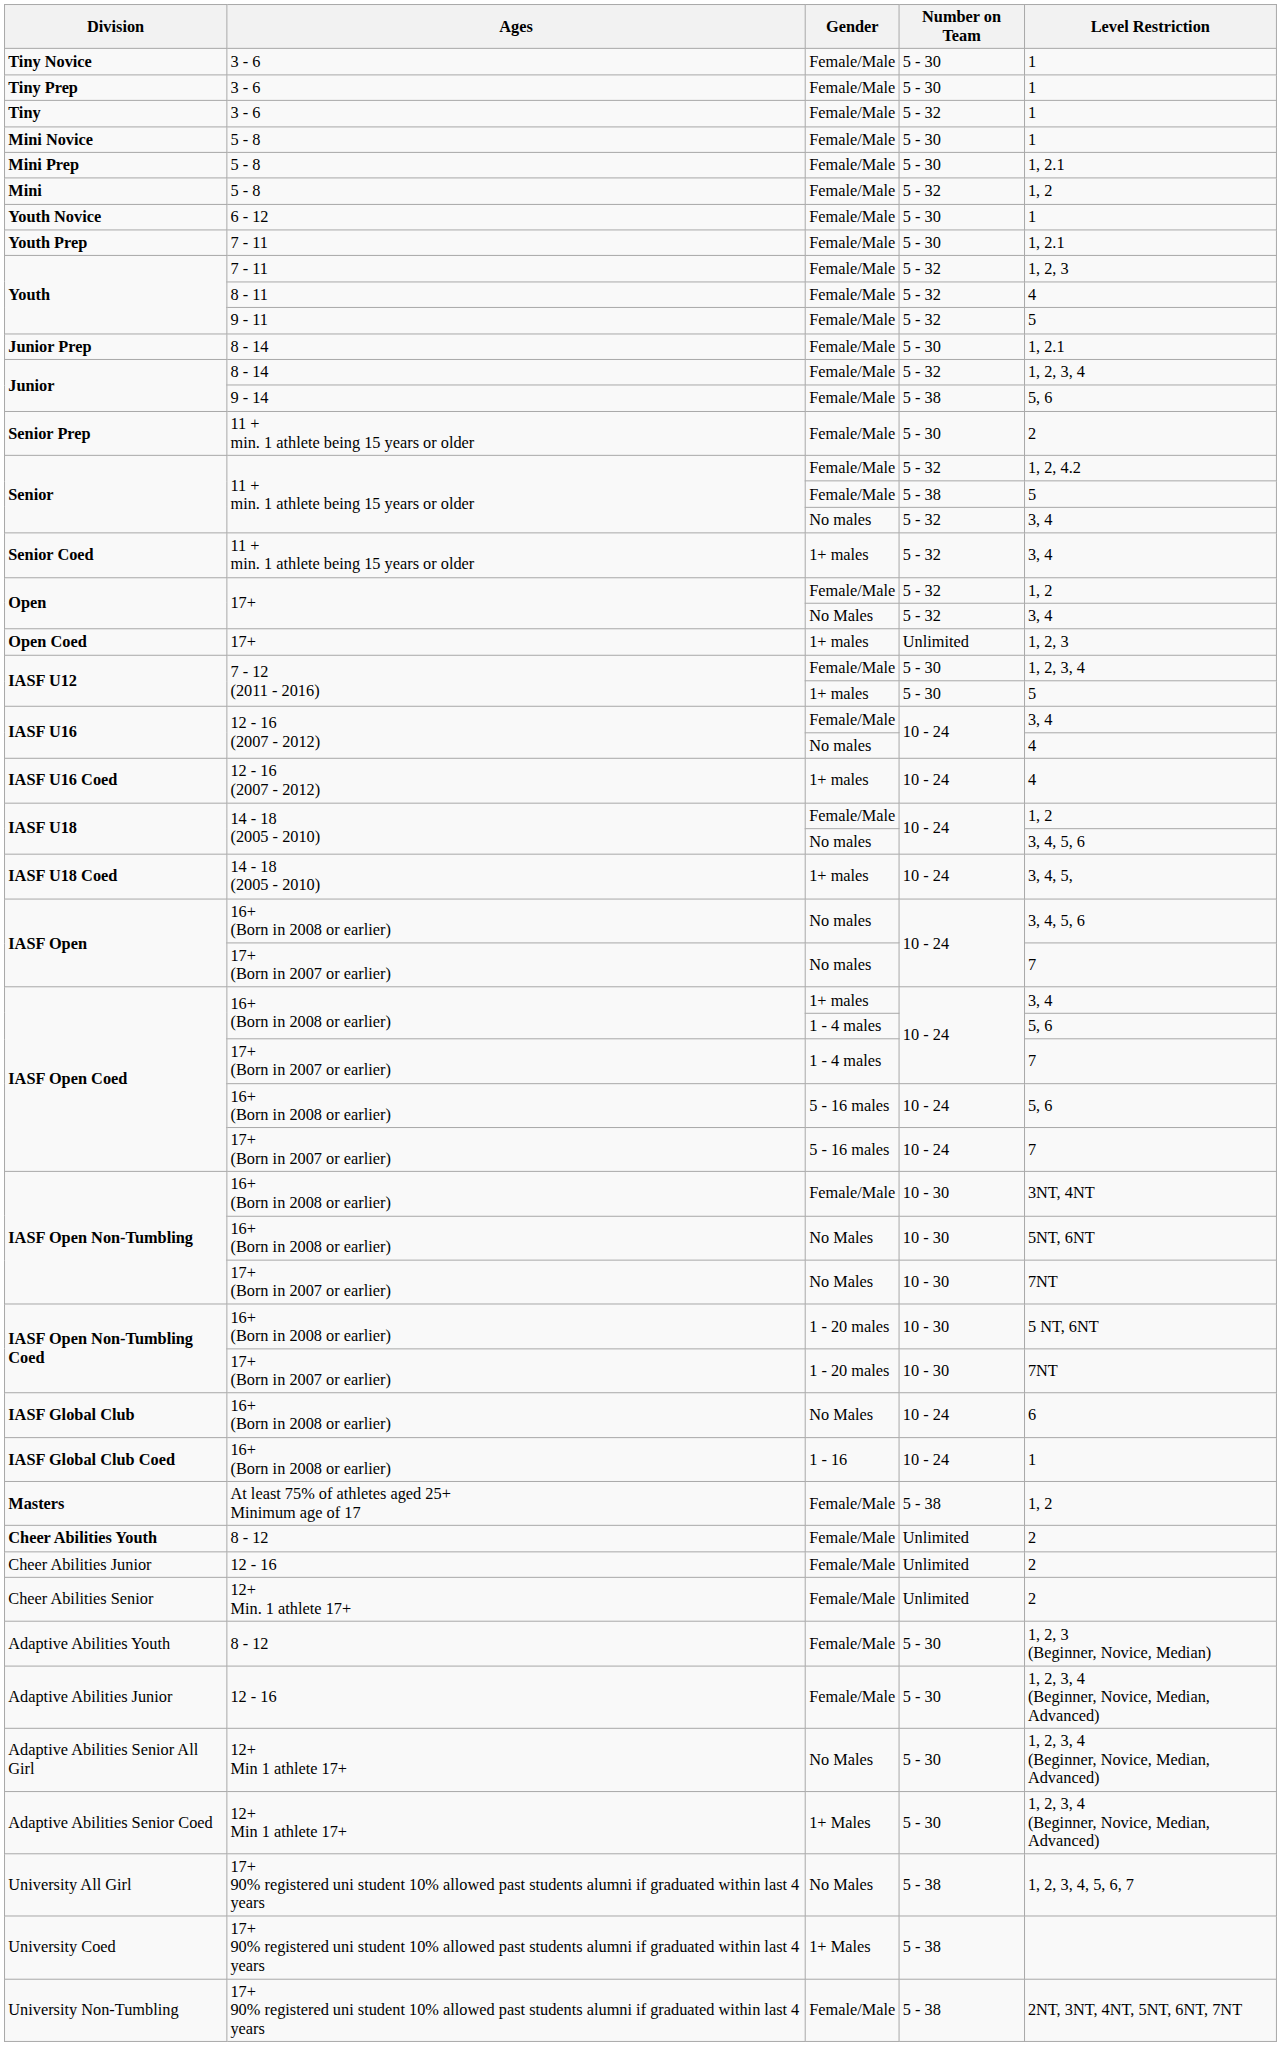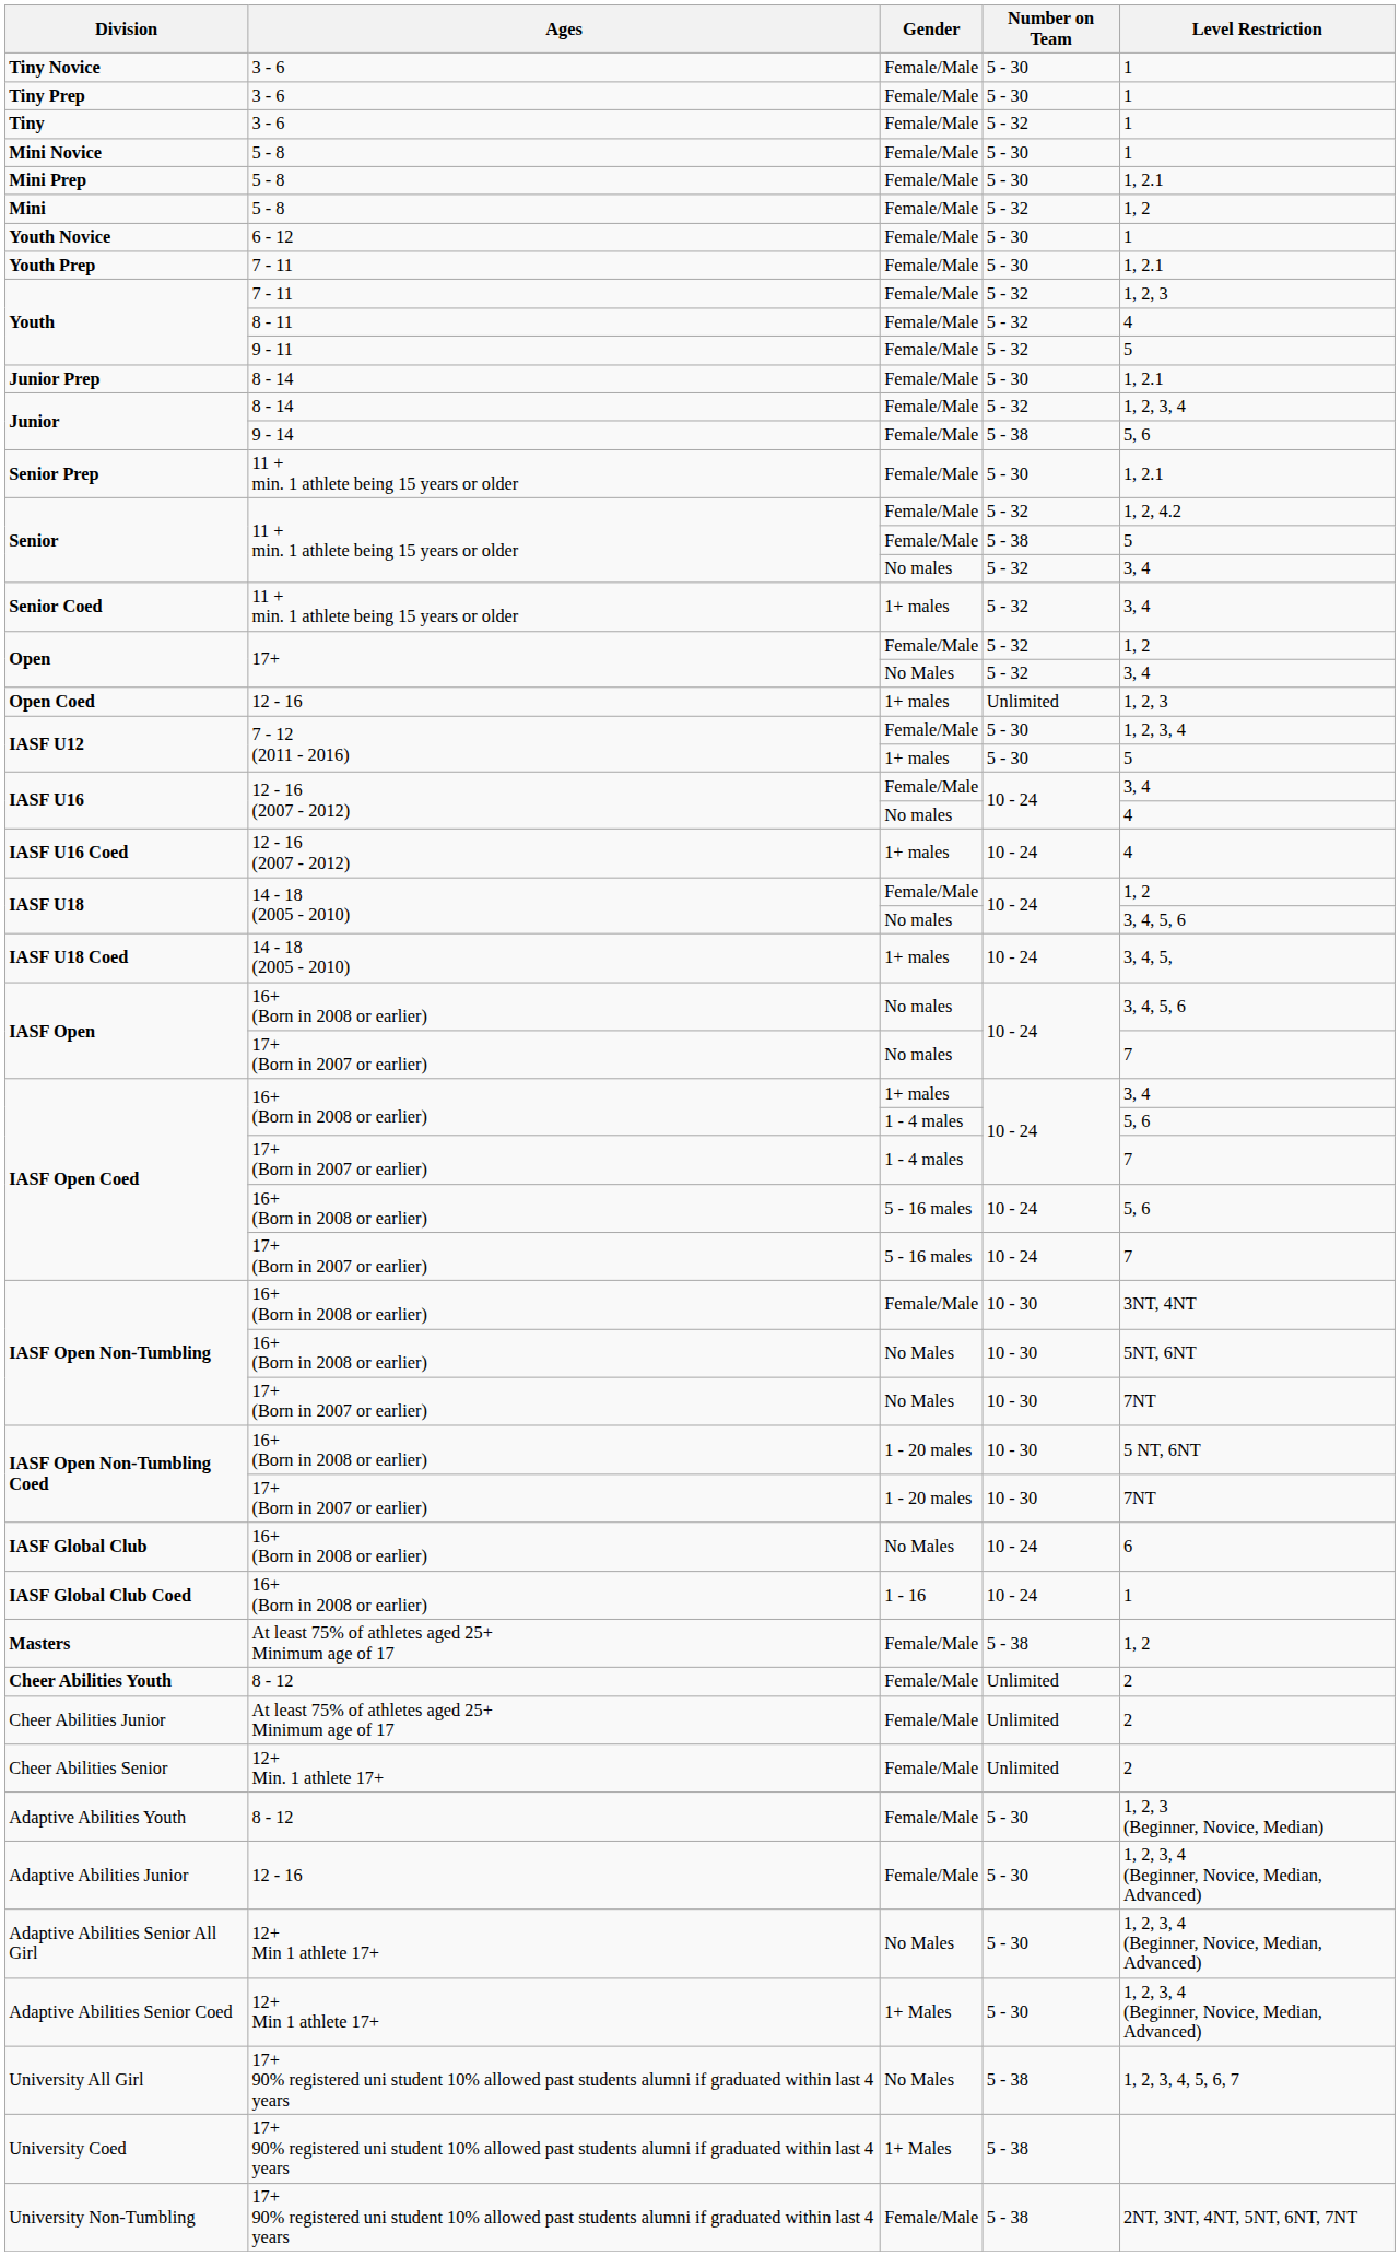 <table class="wikitable">
 <tr>
 <th>Division</th>
 <th>Ages</th>
 <th>Gender</th>
 <th>Number on Team</th>
 <th>Level Restriction</th>
 </tr>
 <tr>
 <td><strong>Tiny Novice</strong></td>
 <td>3 - 6</td>
 <td>Female/Male</td>
 <td>5 - 30</td>
 <td>1</td>
 </tr>
 <tr>
 <td><strong>Tiny Prep</strong></td>
 <td>3 - 6</td>
 <td>Female/Male</td>
 <td>5 - 30</td>
 <td>1</td>
 </tr>
 <tr>
 <td><strong>Tiny</strong></td>
 <td>3 - 6</td>
 <td>Female/Male</td>
 <td>5 - 32</td>
 <td>1</td>
 </tr>
 <tr>
 <td><strong>Mini Novice</strong></td>
 <td>5 - 8</td>
 <td>Female/Male</td>
 <td>5 - 30</td>
 <td>1</td>
 </tr>
 <tr>
 <td><strong>Mini Prep</strong></td>
 <td>5 - 8</td>
 <td>Female/Male</td>
 <td>5 - 30</td>
 <td>1, 2.1</td>
 </tr>
 <tr>
 <td><strong>Mini</strong></td>
 <td>5 - 8</td>
 <td>Female/Male</td>
 <td>5 - 32</td>
 <td>1, 2</td>
 </tr>
 <tr>
 <td><strong>Youth Novice</strong></td>
 <td>6 - 12</td>
 <td>Female/Male</td>
 <td>5 - 30</td>
 <td>1</td>
 </tr>
 <tr>
 <td><strong>Youth Prep</strong></td>
 <td>7 - 11</td>
 <td>Female/Male</td>
 <td>5 - 30</td>
 <td>1, 2.1</td>
 </tr>
 <tr>
 <td rowspan="3"><strong>Youth</strong></td>
 <td>7 - 11</td>
 <td>Female/Male</td>
 <td>5 - 32</td>
 <td>1, 2, 3</td>
 </tr>
 <tr>
 <td>8 - 11</td>
 <td>Female/Male</td>
 <td>5 - 32</td>
 <td>4</td>
 </tr>
 <tr>
 <td>9 - 11</td>
 <td>Female/Male</td>
 <td>5 - 32</td>
 <td>5</td>
 </tr>
 <tr>
 <td><strong>Junior Prep</strong></td>
 <td>8 - 14</td>
 <td>Female/Male</td>
 <td>5 - 30</td>
 <td>1, 2.1</td>
 </tr>
 <tr>
 <td rowspan="2"><strong>Junior</strong></td>
 <td>8 - 14</td>
 <td>Female/Male</td>
 <td>5 - 32</td>
 <td>1, 2, 3, 4</td>
 </tr>
 <tr>
 <td>9 - 14</td>
 <td>Female/Male</td>
 <td>5 - 38</td>
 <td>5, 6</td>
 </tr>
 <tr>
 <td><strong>Senior Prep</strong></td>
 <td>11 +<br>min. 1 athlete being 15 years or older</td>
 <td>Female/Male</td>
 <td>5 - 30</td>
-<td>2</td>
+<td>1, 2.1</td>
 </tr>
 <tr>
 <td rowspan="3"><strong>Senior</strong></td>
 <td rowspan="3">11 +<br>min. 1 athlete being 15 years or older</td>
 <td>Female/Male</td>
 <td>5 - 32</td>
 <td>1, 2, 4.2</td>
 </tr>
 <tr>
 <td>Female/Male</td>
 <td>5 - 38</td>
 <td>5</td>
 </tr>
 <tr>
 <td>No males</td>
 <td>5 - 32</td>
 <td>3, 4</td>
 </tr>
 <tr>
 <td><strong>Senior Coed</strong></td>
 <td>11 +<br>min. 1 athlete being 15 years or older</td>
 <td>1+ males</td>
 <td>5 - 32</td>
 <td>3, 4</td>
 </tr>
 <tr>
 <td rowspan="2"><strong>Open</strong></td>
 <td rowspan="2">17+</td>
 <td>Female/Male</td>
 <td>5 - 32</td>
 <td>1, 2</td>
 </tr>
 <tr>
 <td>No Males</td>
 <td>5 - 32</td>
 <td>3, 4</td>
 </tr>
 <tr>
 <td><strong>Open Coed</strong></td>
-<td>17+</td>
+<td>12 - 16</td>
 <td>1+ males</td>
 <td>Unlimited</td>
 <td>1, 2, 3</td>
 </tr>
 <tr>
 <td rowspan="2"><strong>IASF U12</strong></td>
 <td rowspan="2">7 - 12<br>(2011 - 2016)</td>
 <td>Female/Male</td>
 <td>5 - 30</td>
 <td>1, 2, 3, 4</td>
 </tr>
 <tr>
 <td>1+ males</td>
 <td>5 - 30</td>
 <td>5</td>
 </tr>
 <tr>
 <td rowspan="2"><strong>IASF U16</strong></td>
 <td rowspan="2">12 - 16<br>(2007 - 2012)</td>
 <td>Female/Male</td>
 <td rowspan="2">10 - 24</td>
 <td>3, 4</td>
 </tr>
 <tr>
 <td>No males</td>
 <td>4</td>
 </tr>
 <tr>
 <td><strong>IASF U16 Coed</strong></td>
 <td>12 - 16<br>(2007 - 2012)</td>
 <td>1+ males</td>
 <td>10 - 24</td>
 <td>4</td>
 </tr>
 <tr>
 <td rowspan="2"><strong>IASF U18</strong></td>
 <td rowspan="2">14 - 18<br>(2005 - 2010)</td>
 <td>Female/Male</td>
 <td rowspan="2">10 - 24</td>
 <td>1, 2</td>
 </tr>
 <tr>
 <td>No males</td>
 <td>3, 4, 5, 6</td>
 </tr>
 <tr>
 <td><strong>IASF U18 Coed</strong></td>
 <td>14 - 18<br>(2005 - 2010)</td>
 <td>1+ males</td>
 <td>10 - 24</td>
 <td>3, 4, 5,</td>
 </tr>
 <tr>
 <td rowspan="2"><strong>IASF Open</strong></td>
 <td>16+<br>(Born in 2008 or earlier)</td>
 <td>No males</td>
 <td rowspan="2">10 - 24</td>
 <td>3, 4, 5, 6</td>
 </tr>
 <tr>
 <td>17+<br>(Born in 2007 or earlier)</td>
 <td>No males</td>
 <td>7</td>
 </tr>
 <tr>
 <td rowspan="5"><strong>IASF Open Coed</strong></td>
 <td rowspan="2">16+<br>(Born in 2008 or earlier)</td>
 <td>1+ males</td>
 <td rowspan="3">10 - 24</td>
 <td>3, 4</td>
 </tr>
 <tr>
 <td>1 - 4 males</td>
 <td>5, 6</td>
 </tr>
 <tr>
 <td>17+<br>(Born in 2007 or earlier)</td>
 <td>1 - 4 males</td>
 <td>7</td>
 </tr>
 <tr>
 <td>16+<br>(Born in 2008 or earlier)</td>
 <td>5 - 16 males</td>
 <td>10 - 24</td>
 <td>5, 6</td>
 </tr>
 <tr>
 <td>17+<br>(Born in 2007 or earlier)</td>
 <td>5 - 16 males</td>
 <td>10 - 24</td>
 <td>7</td>
 </tr>
 <tr>
 <td rowspan="3"><strong>IASF Open Non-Tumbling</strong></td>
 <td>16+<br>(Born in 2008 or earlier)</td>
 <td>Female/Male</td>
 <td>10 - 30</td>
 <td>3NT, 4NT</td>
 </tr>
 <tr>
 <td>16+<br>(Born in 2008 or earlier)</td>
 <td>No Males</td>
 <td>10 - 30</td>
 <td>5NT, 6NT</td>
 </tr>
 <tr>
 <td>17+<br>(Born in 2007 or earlier)</td>
 <td>No Males</td>
 <td>10 - 30</td>
 <td>7NT</td>
 </tr>
 <tr>
 <td rowspan="2"><strong>IASF Open Non-Tumbling Coed</strong></td>
 <td>16+<br>(Born in 2008 or earlier)</td>
 <td>1 - 20 males</td>
 <td>10 - 30</td>
 <td>5 NT, 6NT</td>
 </tr>
 <tr>
 <td>17+<br>(Born in 2007 or earlier)</td>
 <td>1 - 20 males</td>
 <td>10 - 30</td>
 <td>7NT</td>
 </tr>
 <tr>
 <td><strong>IASF Global Club</strong></td>
 <td>16+<br>(Born in 2008 or earlier)</td>
 <td>No Males</td>
 <td>10 - 24</td>
 <td>6</td>
 </tr>
 <tr>
 <td><strong>IASF Global Club Coed</strong></td>
 <td>16+<br>(Born in 2008 or earlier)</td>
 <td>1 - 16</td>
 <td>10 - 24</td>
 <td>1</td>
 </tr>
 <tr>
 <td><strong>Masters</strong></td>
 <td>At least 75% of athletes aged 25+<br>Minimum age of 17</td>
 <td>Female/Male</td>
 <td>5 - 38</td>
 <td>1, 2</td>
 </tr>
 <tr>
 <td><strong>Cheer Abilities Youth</strong></td>
 <td>8 - 12</td>
 <td>Female/Male</td>
 <td>Unlimited</td>
 <td>2</td>
 </tr>
 <tr>
 <td>Cheer Abilities Junior</td>
-<td>12 - 16</td>
+<td>At least 75% of athletes aged 25+<br>Minimum age of 17</td>
 <td>Female/Male</td>
 <td>Unlimited</td>
 <td>2</td>
 </tr>
 <tr>
 <td>Cheer Abilities Senior</td>
 <td>12+<br>Min. 1 athlete 17+</td>
 <td>Female/Male</td>
 <td>Unlimited</td>
 <td>2</td>
 </tr>
 <tr>
 <td>Adaptive Abilities Youth</td>
 <td>8 - 12</td>
 <td>Female/Male</td>
 <td>5 - 30</td>
 <td>1, 2, 3<br>(Beginner, Novice, Median)</td>
 </tr>
 <tr>
 <td>Adaptive Abilities Junior</td>
 <td>12 - 16</td>
 <td>Female/Male</td>
 <td>5 - 30</td>
 <td>1, 2, 3, 4<br>(Beginner, Novice, Median, Advanced)</td>
 </tr>
 <tr>
 <td>Adaptive Abilities Senior All Girl</td>
 <td>12+<br>Min 1 athlete 17+</td>
 <td>No Males</td>
 <td>5 - 30</td>
 <td>1, 2, 3, 4<br>(Beginner, Novice, Median, Advanced)</td>
 </tr>
 <tr>
 <td>Adaptive Abilities Senior Coed</td>
 <td>12+<br>Min 1 athlete 17+</td>
 <td>1+ Males</td>
 <td>5 - 30</td>
 <td>1, 2, 3, 4<br>(Beginner, Novice, Median, Advanced)</td>
 </tr>
 <tr>
 <td>University All Girl</td>
 <td>17+<br>90% registered uni student  10% allowed past students alumni if graduated within last 4 years</td>
 <td>No Males</td>
 <td>5 - 38</td>
 <td>1, 2, 3, 4, 5, 6, 7</td>
 </tr>
 <tr>
 <td>University Coed</td>
 <td>17+<br>90% registered uni student  10% allowed past students alumni if graduated within last 4 years</td>
 <td>1+ Males</td>
 <td>5 - 38</td>
 <td></td>
 </tr>
 <tr>
 <td>University Non-Tumbling</td>
 <td>17+<br>90% registered uni student  10% allowed past students alumni if graduated within last 4 years</td>
 <td>Female/Male</td>
 <td>5 - 38</td>
 <td>2NT, 3NT, 4NT, 5NT, 6NT, 7NT</td>
 </tr>
 </table>
